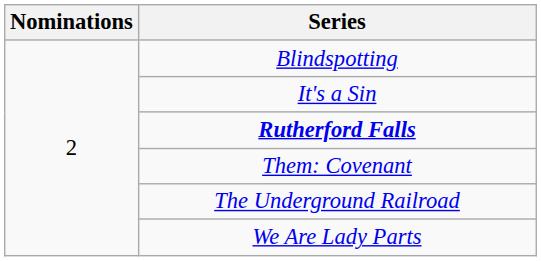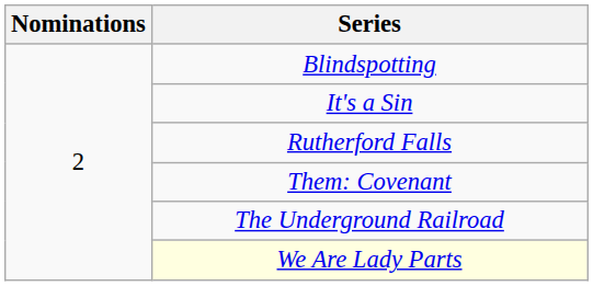 <table class="wikitable" rowspan=2 border=2 style="text-align:center;">
 <tr>
 <th scope="col" width="50">Nominations</th>
 <th scope="col" width="275">Series</th>
 </tr>
 <tr>
 <td rowspan="6">2</td>
 <td><em><a href='#'>Blindspotting</a></em></td>
 </tr>
 <tr>
 <td><em><a href='#'>It's a Sin</a></em></td>
 </tr>
 <tr>
-<td><strong><em><a href='#'>Rutherford Falls</a></em></strong></td>
+<td><em><a href='#'>Rutherford Falls</a></em></td>
 </tr>
 <tr>
 <td><em><a href='#'>Them: Covenant</a></em></td>
 </tr>
 <tr>
 <td><em><a href='#'>The Underground Railroad</a></em></td>
 </tr>
 <tr>
-<td><em><a href='#'>We Are Lady Parts</a></em></td>
+<td style="background: lightyellow;"><em><a href='#'>We Are Lady Parts</a></em></td>
 </tr>
 </table>
